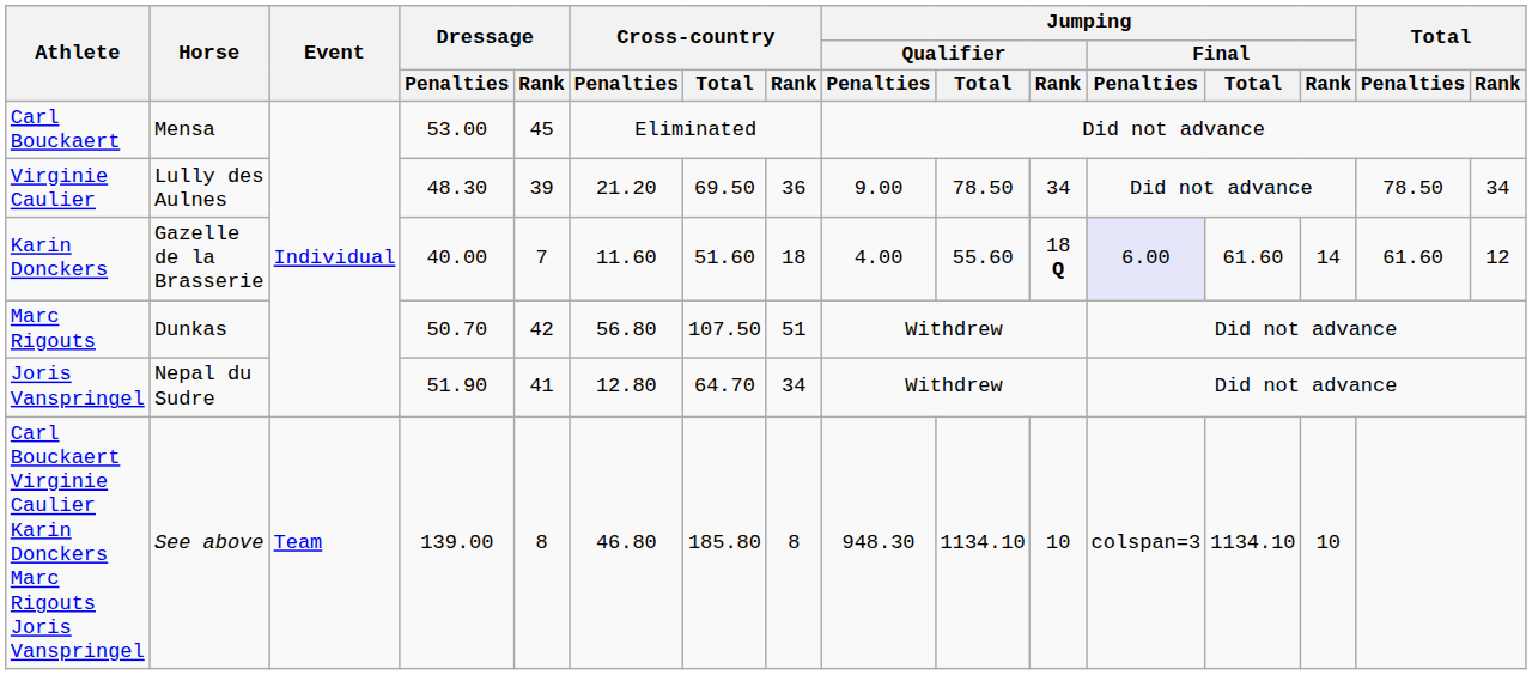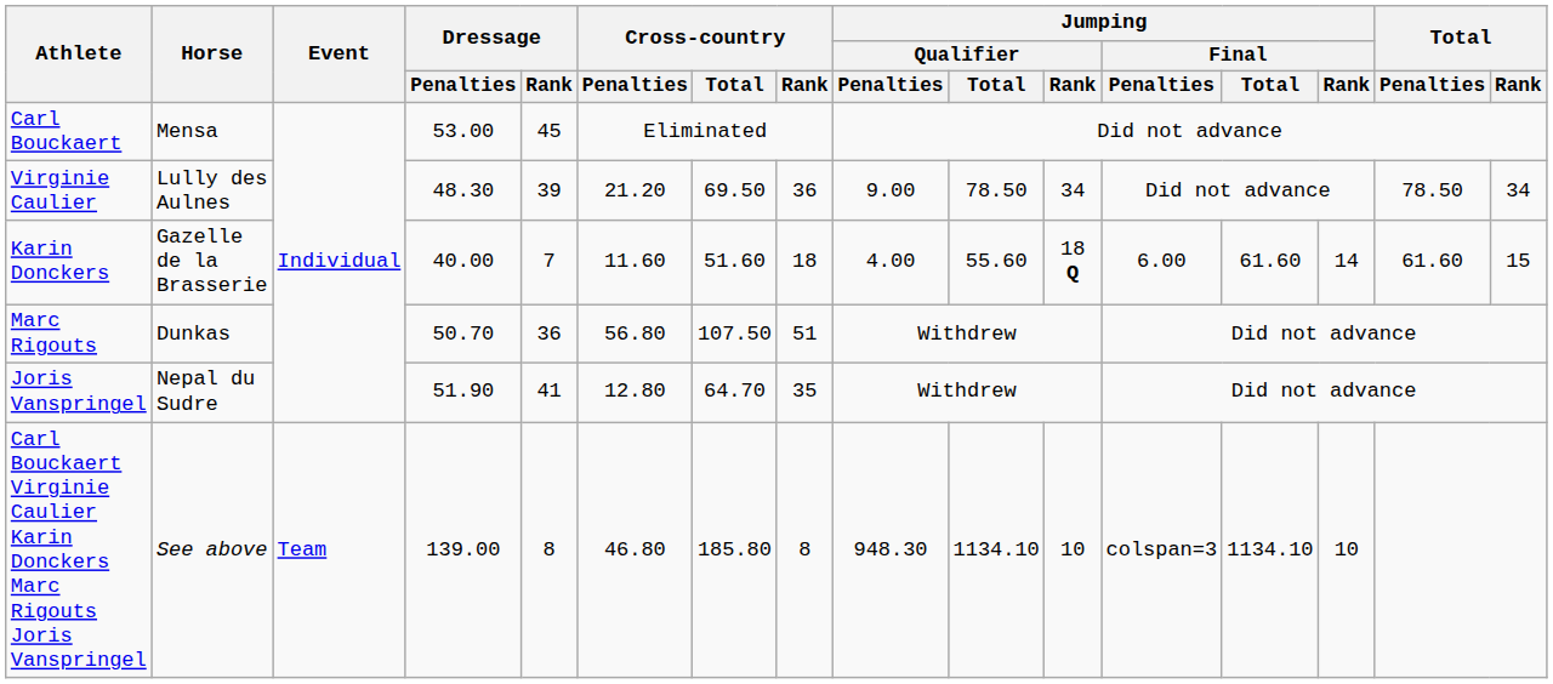 <table class=wikitable style="font-size:90%">
 <tr>
 <th rowspan="3">Athlete</th>
 <th rowspan="3">Horse</th>
 <th rowspan="3">Event</th>
 <th colspan="2" rowspan="2">Dressage</th>
 <th colspan="3" rowspan="2">Cross-country</th>
 <th colspan="6">Jumping</th>
 <th colspan="2" rowspan="2">Total</th>
 </tr>
 <tr style="font-size:95%">
 <th colspan="3">Qualifier</th>
 <th colspan="3">Final</th>
 </tr>
 <tr style="font-size:95%">
 <th>Penalties</th>
 <th>Rank</th>
 <th>Penalties</th>
 <th>Total</th>
 <th>Rank</th>
 <th>Penalties</th>
 <th>Total</th>
 <th>Rank</th>
 <th>Penalties</th>
 <th>Total</th>
 <th>Rank</th>
 <th>Penalties</th>
 <th>Rank</th>
 </tr>
 <tr align=center>
 <td align=left><a href='#'>Carl Bouckaert</a></td>
 <td align=left>Mensa</td>
 <td align=left rowspan=5><a href='#'>Individual</a></td>
 <td>53.00</td>
 <td>45</td>
 <td colspan=3>Eliminated</td>
 <td colspan=8>Did not advance</td>
 </tr>
 <tr align=center>
 <td align=left><a href='#'>Virginie Caulier</a></td>
 <td align=left>Lully des Aulnes</td>
 <td>48.30</td>
 <td>39</td>
 <td>21.20</td>
 <td>69.50</td>
 <td>36</td>
 <td>9.00</td>
 <td>78.50</td>
 <td>34</td>
 <td colspan=3>Did not advance</td>
 <td>78.50</td>
 <td>34</td>
 </tr>
 <tr align=center>
 <td align=left><a href='#'>Karin Donckers</a></td>
 <td align=left>Gazelle de la Brasserie</td>
 <td>40.00</td>
 <td>7</td>
 <td>11.60</td>
 <td>51.60</td>
 <td>18</td>
 <td>4.00</td>
 <td>55.60</td>
 <td>18 <strong>Q</strong></td>
-<td style="background: lavender;">6.00</td>
+<td>6.00</td>
 <td>61.60</td>
 <td>14</td>
 <td>61.60</td>
-<td>12</td>
+<td>15</td>
 </tr>
 <tr align=center>
 <td align=left><a href='#'>Marc Rigouts</a></td>
 <td align=left>Dunkas</td>
 <td>50.70</td>
-<td>42</td>
+<td>36</td>
 <td>56.80</td>
 <td>107.50</td>
 <td>51</td>
 <td colspan=3>Withdrew</td>
 <td colspan=5>Did not advance</td>
 </tr>
 <tr align=center>
 <td align=left><a href='#'>Joris Vanspringel</a></td>
 <td align=left>Nepal du Sudre</td>
 <td>51.90</td>
 <td>41</td>
 <td>12.80</td>
 <td>64.70</td>
-<td>34</td>
+<td>35</td>
 <td colspan=3>Withdrew</td>
 <td colspan=5>Did not advance</td>
 </tr>
 <tr align=center>
 <td align=left><a href='#'>Carl Bouckaert</a><br><a href='#'>Virginie Caulier</a><br><a href='#'>Karin Donckers</a><br><a href='#'>Marc Rigouts</a><br><a href='#'>Joris Vanspringel</a></td>
 <td align=left><em>See above</em></td>
 <td align=left><a href='#'>Team</a></td>
 <td>139.00</td>
 <td>8</td>
 <td>46.80</td>
 <td>185.80</td>
 <td>8</td>
 <td>948.30</td>
 <td>1134.10</td>
 <td>10</td>
 <td>colspan=3 </td>
 <td>1134.10</td>
 <td>10</td>
 </tr>
 </table>
